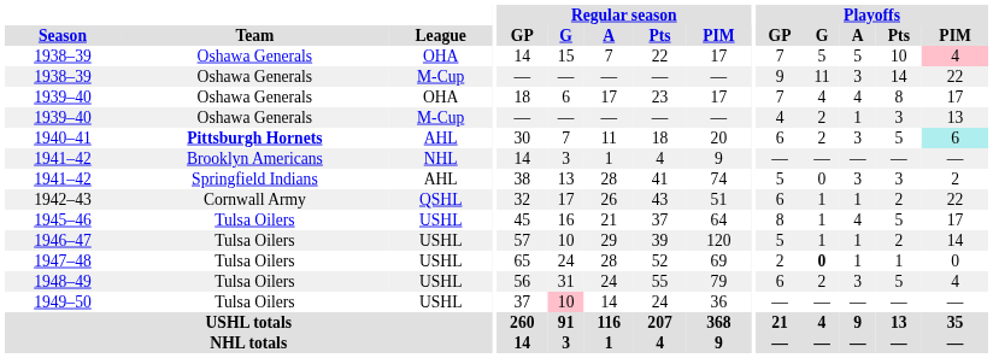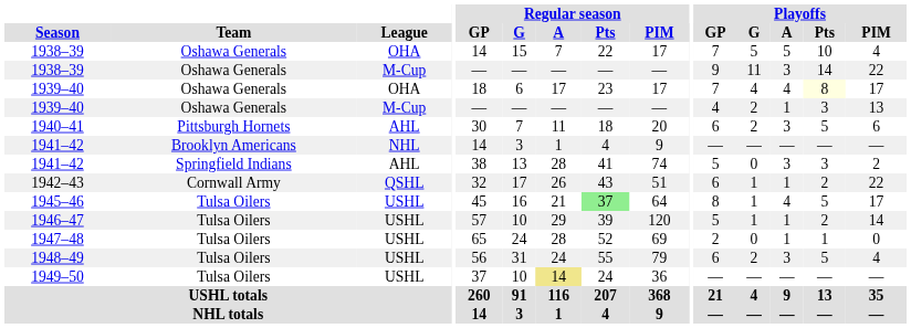 <table border="0" cellpadding="1" cellspacing="0" style="text-align:center; width:60em">
 <tr bgcolor="#e0e0e0">
 <th colspan="3" bgcolor="#ffffff"></th>
 <th rowspan="100" bgcolor="#ffffff"></th>
 <th colspan="5"><a href='#'>Regular season</a></th>
 <th rowspan="100" bgcolor="#ffffff"></th>
 <th colspan="5"><a href='#'>Playoffs</a></th>
 </tr>
 <tr bgcolor="#e0e0e0">
 <th><a href='#'>Season</a></th>
 <th>Team</th>
 <th>League</th>
 <th>GP</th>
 <th><a href='#'>G</a></th>
 <th><a href='#'>A</a></th>
 <th><a href='#'>Pts</a></th>
 <th><a href='#'>PIM</a></th>
 <th>GP</th>
 <th>G</th>
 <th>A</th>
 <th>Pts</th>
 <th>PIM</th>
 </tr>
 <tr>
 <td><a href='#'>1938–39</a></td>
 <td><a href='#'>Oshawa Generals</a></td>
 <td><a href='#'>OHA</a></td>
 <td>14</td>
 <td>15</td>
 <td>7</td>
 <td>22</td>
 <td>17</td>
 <td>7</td>
 <td>5</td>
 <td>5</td>
 <td>10</td>
-<td style="background: pink;">4</td>
+<td>4</td>
 </tr>
 <tr bgcolor="#f0f0f0">
 <td><a href='#'>1938–39</a></td>
 <td>Oshawa Generals</td>
 <td><a href='#'>M-Cup</a></td>
 <td>—</td>
 <td>—</td>
 <td>—</td>
 <td>—</td>
 <td>—</td>
 <td>9</td>
 <td>11</td>
 <td>3</td>
 <td>14</td>
 <td>22</td>
 </tr>
 <tr>
 <td><a href='#'>1939–40</a></td>
 <td>Oshawa Generals</td>
 <td>OHA</td>
 <td>18</td>
 <td>6</td>
 <td>17</td>
 <td>23</td>
 <td>17</td>
 <td>7</td>
 <td>4</td>
 <td>4</td>
-<td>8</td>
+<td style="background: lightyellow;">8</td>
 <td>17</td>
 </tr>
 <tr bgcolor="#f0f0f0">
 <td><a href='#'>1939–40</a></td>
 <td>Oshawa Generals</td>
 <td><a href='#'>M-Cup</a></td>
 <td>—</td>
 <td>—</td>
 <td>—</td>
 <td>—</td>
 <td>—</td>
 <td>4</td>
 <td>2</td>
 <td>1</td>
 <td>3</td>
 <td>13</td>
 </tr>
 <tr>
 <td><a href='#'>1940–41</a></td>
-<td><strong><a href='#'>Pittsburgh Hornets</a></strong></td>
+<td><a href='#'>Pittsburgh Hornets</a></td>
 <td><a href='#'>AHL</a></td>
 <td>30</td>
 <td>7</td>
 <td>11</td>
 <td>18</td>
 <td>20</td>
 <td>6</td>
 <td>2</td>
 <td>3</td>
 <td>5</td>
-<td style="background: paleturquoise;">6</td>
+<td>6</td>
 </tr>
 <tr bgcolor="#f0f0f0">
 <td><a href='#'>1941–42</a></td>
 <td><a href='#'>Brooklyn Americans</a></td>
 <td><a href='#'>NHL</a></td>
 <td>14</td>
 <td>3</td>
 <td>1</td>
 <td>4</td>
 <td>9</td>
 <td>—</td>
 <td>—</td>
 <td>—</td>
 <td>—</td>
 <td>—</td>
 </tr>
 <tr>
 <td><a href='#'>1941–42</a></td>
 <td><a href='#'>Springfield Indians</a></td>
 <td>AHL</td>
 <td>38</td>
 <td>13</td>
 <td>28</td>
 <td>41</td>
 <td>74</td>
 <td>5</td>
 <td>0</td>
 <td>3</td>
 <td>3</td>
 <td>2</td>
 </tr>
 <tr bgcolor="#f0f0f0">
 <td>1942–43</td>
 <td>Cornwall Army</td>
 <td><a href='#'>QSHL</a></td>
 <td>32</td>
 <td>17</td>
 <td>26</td>
 <td>43</td>
 <td>51</td>
 <td>6</td>
 <td>1</td>
 <td>1</td>
 <td>2</td>
 <td>22</td>
 </tr>
 <tr>
 <td><a href='#'>1945–46</a></td>
 <td><a href='#'>Tulsa Oilers</a></td>
 <td><a href='#'>USHL</a></td>
 <td>45</td>
 <td>16</td>
 <td>21</td>
-<td>37</td>
+<td style="background: lightgreen;">37</td>
 <td>64</td>
 <td>8</td>
 <td>1</td>
 <td>4</td>
 <td>5</td>
 <td>17</td>
 </tr>
 <tr bgcolor="#f0f0f0">
 <td><a href='#'>1946–47</a></td>
 <td>Tulsa Oilers</td>
 <td>USHL</td>
 <td>57</td>
 <td>10</td>
 <td>29</td>
 <td>39</td>
 <td>120</td>
 <td>5</td>
 <td>1</td>
 <td>1</td>
 <td>2</td>
 <td>14</td>
 </tr>
 <tr>
 <td><a href='#'>1947–48</a></td>
 <td>Tulsa Oilers</td>
 <td>USHL</td>
 <td>65</td>
 <td>24</td>
 <td>28</td>
 <td>52</td>
 <td>69</td>
 <td>2</td>
-<td><strong>0</strong></td>
+<td>0</td>
 <td>1</td>
 <td>1</td>
 <td>0</td>
 </tr>
 <tr bgcolor="#f0f0f0">
 <td><a href='#'>1948–49</a></td>
 <td>Tulsa Oilers</td>
 <td>USHL</td>
 <td>56</td>
 <td>31</td>
 <td>24</td>
 <td>55</td>
 <td>79</td>
 <td>6</td>
 <td>2</td>
 <td>3</td>
 <td>5</td>
 <td>4</td>
 </tr>
 <tr>
 <td><a href='#'>1949–50</a></td>
 <td>Tulsa Oilers</td>
 <td>USHL</td>
 <td>37</td>
-<td style="background: pink;">10</td>
-<td>14</td>
+<td>10</td>
+<td style="background: khaki;">14</td>
 <td>24</td>
 <td>36</td>
 <td>—</td>
 <td>—</td>
 <td>—</td>
 <td>—</td>
 <td>—</td>
 </tr>
 <tr bgcolor="#e0e0e0">
 <th colspan="3">USHL totals</th>
 <th>260</th>
 <th>91</th>
 <th>116</th>
 <th>207</th>
 <th>368</th>
 <th>21</th>
 <th>4</th>
 <th>9</th>
 <th>13</th>
 <th>35</th>
 </tr>
 <tr bgcolor="#e0e0e0">
 <th colspan="3">NHL totals</th>
 <th>14</th>
 <th>3</th>
 <th>1</th>
 <th>4</th>
 <th>9</th>
 <th>—</th>
 <th>—</th>
 <th>—</th>
 <th>—</th>
 <th>—</th>
 </tr>
 </table>
